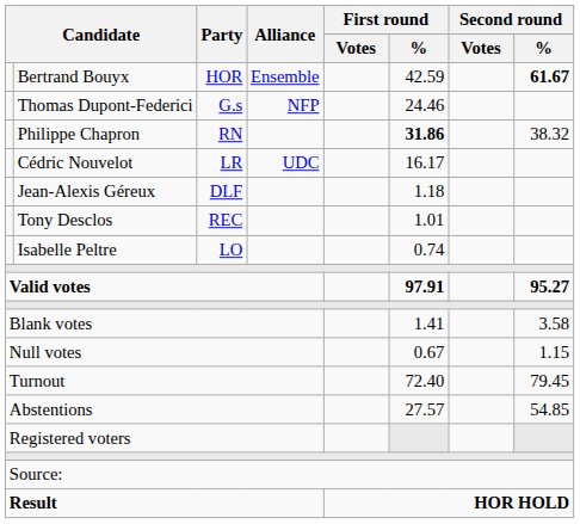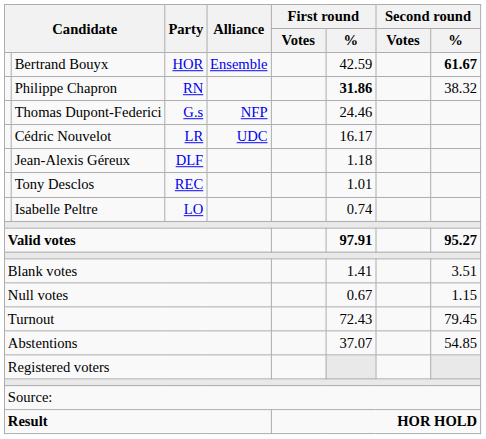 <table class="wikitable" style="text-align:right;font-size:95%;">
 <tr>
 <th colspan="2" rowspan="2">Candidate</th>
 <th colspan="1" rowspan="2">Party</th>
 <th colspan="1" rowspan="2">Alliance</th>
 <th colspan="2">First round</th>
 <th colspan="2">Second round</th>
 </tr>
 <tr>
 <th style="width:50px;">Votes</th>
 <th style="width:45px;">%</th>
 <th style="width:50px;">Votes</th>
 <th style="width:45px;">%</th>
 </tr>
 <tr>
 <td style="color:inherit;background:"></td>
 <td style="text-align:left;">Bertrand Bouyx</td>
 <td><a href='#'>HOR</a></td>
 <td><a href='#'>Ensemble</a></td>
 <td></td>
 <td>42.59</td>
 <td><strong></strong></td>
 <td><strong>61.67</strong></td>
 </tr>
 <tr>
 <td style="color:inherit;background:"></td>
+<td style="text-align:left;">Philippe Chapron</td>
+<td><a href='#'>RN</a></td>
+<td></td>
+<td><strong></strong></td>
+<td><strong>31.86</strong></td>
+<td></td>
+<td>38.32</td>
+</tr>
+<tr>
+<td style="color:inherit;background:"></td>
 <td style="text-align:left;">Thomas Dupont-Federici</td>
 <td><a href='#'>G.s</a></td>
 <td><a href='#'>NFP</a></td>
 <td></td>
 <td>24.46</td>
 <td></td>
 <td></td>
-</tr>
-<tr>
-<td style="color:inherit;background:"></td>
-<td style="text-align:left;">Philippe Chapron</td>
-<td><a href='#'>RN</a></td>
-<td></td>
-<td><strong></strong></td>
-<td><strong>31.86</strong></td>
-<td></td>
-<td>38.32</td>
 </tr>
 <tr>
 <td style="color:inherit;background:"></td>
 <td style="text-align:left;">Cédric Nouvelot</td>
 <td><a href='#'>LR</a></td>
 <td><a href='#'>UDC</a></td>
 <td></td>
 <td>16.17</td>
 <td></td>
 <td></td>
 </tr>
 <tr>
 <td style="color:inherit;background:"></td>
 <td style="text-align:left;">Jean-Alexis Géreux</td>
 <td><a href='#'>DLF</a></td>
 <td></td>
 <td></td>
 <td>1.18</td>
 <td></td>
 <td></td>
 </tr>
 <tr>
 <td style="color:inherit;background:"></td>
 <td style="text-align:left;">Tony Desclos</td>
 <td><a href='#'>REC</a></td>
 <td></td>
 <td></td>
 <td>1.01</td>
 <td></td>
 <td></td>
 </tr>
 <tr>
 <td style="color:inherit;background:"></td>
 <td style="text-align:left;">Isabelle Peltre</td>
 <td><a href='#'>LO</a></td>
 <td></td>
 <td></td>
 <td>0.74</td>
 <td></td>
 <td></td>
 </tr>
 <tr>
 <td colspan="8" style="background:#E9E9E9;"></td>
 </tr>
 <tr style="font-weight:bold;">
 <td colspan="4" style="text-align:left;">Valid votes</td>
 <td></td>
 <td>97.91</td>
 <td></td>
 <td>95.27</td>
 </tr>
 <tr>
 <td colspan="8" style="background:#E9E9E9;"></td>
 </tr>
 <tr>
 <td colspan="4" style="text-align:left;">Blank votes</td>
 <td></td>
 <td>1.41</td>
 <td></td>
-<td>3.58</td>
+<td>3.51</td>
 </tr>
 <tr>
 <td colspan="4" style="text-align:left;">Null votes</td>
 <td></td>
 <td>0.67</td>
 <td></td>
 <td>1.15</td>
 </tr>
 <tr>
 <td colspan="4" style="text-align:left;">Turnout</td>
 <td></td>
-<td>72.40</td>
+<td>72.43</td>
 <td></td>
 <td>79.45</td>
 </tr>
 <tr>
 <td colspan="4" style="text-align:left;">Abstentions</td>
 <td></td>
-<td>27.57</td>
+<td>37.07</td>
 <td></td>
 <td>54.85</td>
 </tr>
 <tr>
 <td colspan="4" style="text-align:left;">Registered voters</td>
 <td></td>
 <td style="color:inherit;background:#E9E9E9;"></td>
 <td></td>
 <td style="color:inherit;background:#E9E9E9;"></td>
 </tr>
 <tr>
 <td colspan="8" style="background:#E9E9E9;"></td>
 </tr>
 <tr>
 <td colspan="8" style="text-align:left;">Source: </td>
 </tr>
 <tr style="font-weight:bold">
 <td colspan="4" style="text-align:left;">Result</td>
 <td colspan="4" style="background-color:">HOR HOLD</td>
 </tr>
 </table>
